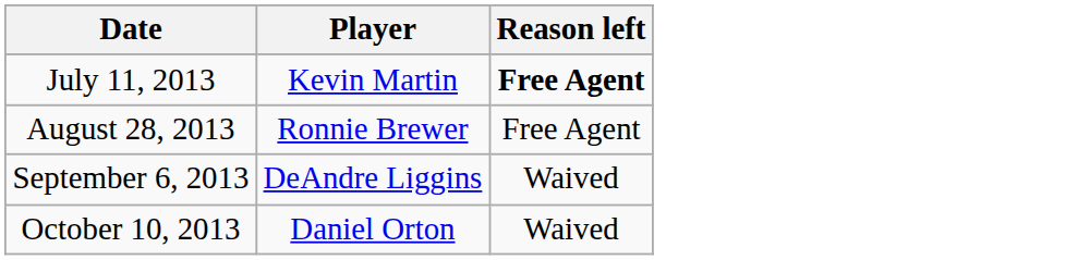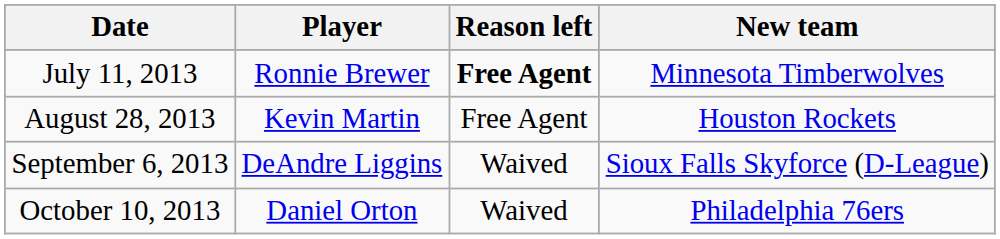 <table class="wikitable" style="text-align: center">
 <tr>
 <th>Date</th>
 <th>Player</th>
 <th>Reason left</th>
+<th>New team</th>
 </tr>
 <tr style="text-align: center">
 <td>July 11, 2013</td>
-<td><a href='#'>Kevin Martin</a></td>
+<td><a href='#'>Ronnie Brewer</a></td>
 <td><strong>Free Agent</strong></td>
+<td><a href='#'>Minnesota Timberwolves</a></td>
 </tr>
 <tr style="text-align: center">
 <td>August 28, 2013</td>
-<td><a href='#'>Ronnie Brewer</a></td>
+<td><a href='#'>Kevin Martin</a></td>
 <td>Free Agent</td>
+<td><a href='#'>Houston Rockets</a></td>
 </tr>
 <tr style="text-align: center">
 <td>September 6, 2013</td>
 <td><a href='#'>DeAndre Liggins</a></td>
 <td>Waived</td>
+<td><a href='#'>Sioux Falls Skyforce</a> (<a href='#'>D-League</a>)</td>
 </tr>
 <tr style="text-align: center">
 <td>October 10, 2013</td>
 <td><a href='#'>Daniel Orton</a></td>
 <td>Waived</td>
+<td><a href='#'>Philadelphia 76ers</a></td>
 </tr>
 </table>
